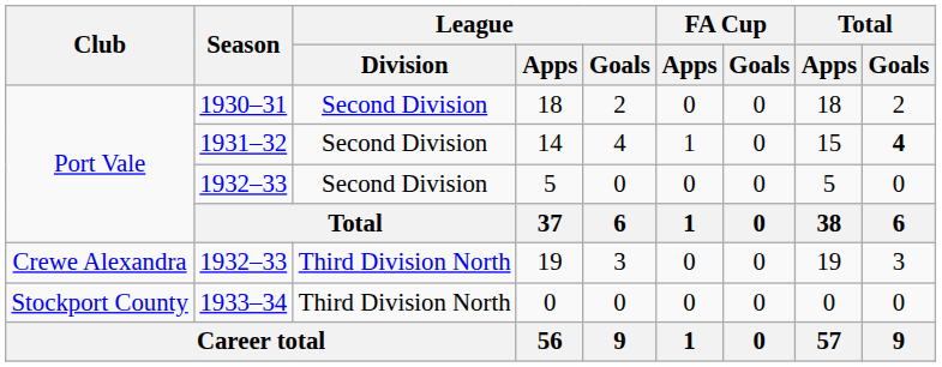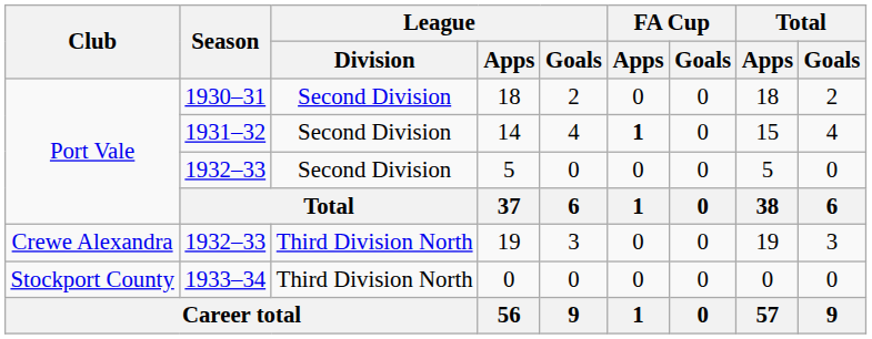 <table class="wikitable" style="text-align: center;">
 <tr>
 <th rowspan="2">Club</th>
 <th rowspan="2">Season</th>
 <th colspan="3">League</th>
 <th colspan="2">FA Cup</th>
 <th colspan="2">Total</th>
 </tr>
 <tr>
 <th>Division</th>
 <th>Apps</th>
 <th>Goals</th>
 <th>Apps</th>
 <th>Goals</th>
 <th>Apps</th>
 <th>Goals</th>
 </tr>
 <tr>
 <td rowspan="4"><a href='#'>Port Vale</a></td>
 <td><a href='#'>1930–31</a></td>
 <td><a href='#'>Second Division</a></td>
 <td>18</td>
 <td>2</td>
 <td>0</td>
 <td>0</td>
 <td>18</td>
 <td>2</td>
 </tr>
 <tr>
 <td><a href='#'>1931–32</a></td>
 <td>Second Division</td>
 <td>14</td>
 <td>4</td>
-<td>1</td>
+<td><strong>1</strong></td>
 <td>0</td>
 <td>15</td>
-<td><strong>4</strong></td>
+<td>4</td>
 </tr>
 <tr>
 <td><a href='#'>1932–33</a></td>
 <td>Second Division</td>
 <td>5</td>
 <td>0</td>
 <td>0</td>
 <td>0</td>
 <td>5</td>
 <td>0</td>
 </tr>
 <tr>
 <th colspan="2">Total</th>
 <th>37</th>
 <th>6</th>
 <th>1</th>
 <th>0</th>
 <th>38</th>
 <th>6</th>
 </tr>
 <tr>
 <td><a href='#'>Crewe Alexandra</a></td>
 <td><a href='#'>1932–33</a></td>
 <td><a href='#'>Third Division North</a></td>
 <td>19</td>
 <td>3</td>
 <td>0</td>
 <td>0</td>
 <td>19</td>
 <td>3</td>
 </tr>
 <tr>
 <td><a href='#'>Stockport County</a></td>
 <td><a href='#'>1933–34</a></td>
 <td>Third Division North</td>
 <td>0</td>
 <td>0</td>
 <td>0</td>
 <td>0</td>
 <td>0</td>
 <td>0</td>
 </tr>
 <tr>
 <th colspan="3">Career total</th>
 <th>56</th>
 <th>9</th>
 <th>1</th>
 <th>0</th>
 <th>57</th>
 <th>9</th>
 </tr>
 </table>
